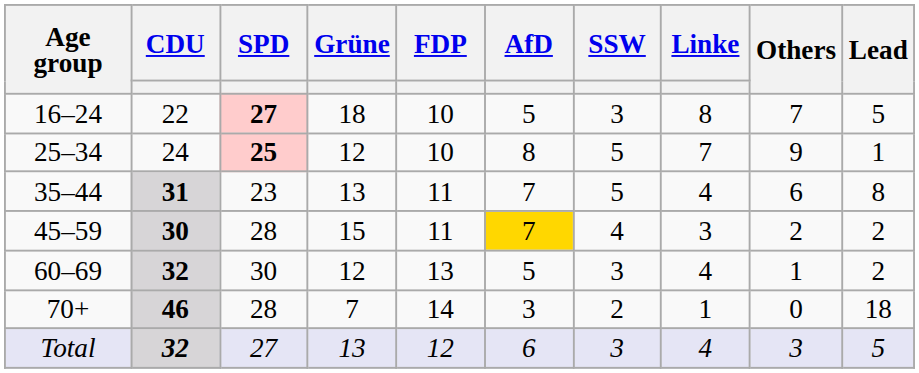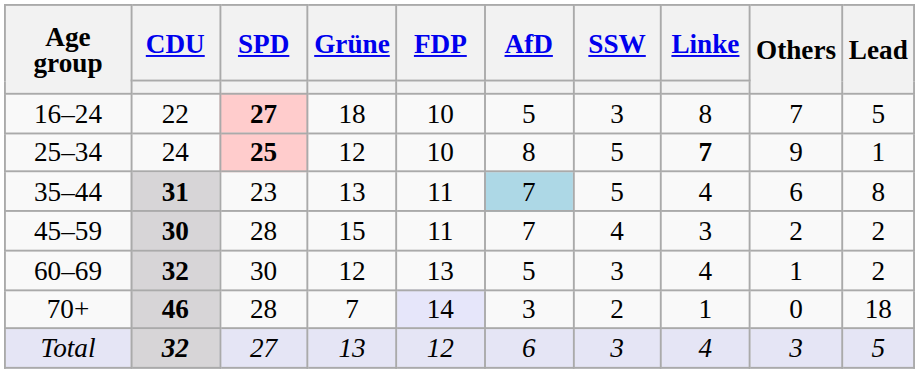 <table class="wikitable sortable" style="text-align:center;font-size:90%;line-height:14px">
 <tr style="height:40px;">
 <th class="wikitable sortable" style="width:60px;" rowspan="2">Age group</th>
 <th class="wikitable sortable" style="width:40px;"><a href='#'>CDU</a></th>
 <th class="wikitable sortable" style="width:40px;"><a href='#'>SPD</a></th>
 <th class="wikitable sortable" style="width:40px;"><a href='#'>Grüne</a></th>
 <th class="wikitable sortable" style="width:40px;"><a href='#'>FDP</a></th>
 <th class="wikitable sortable" style="width:40px;"><a href='#'>AfD</a></th>
 <th class="wikitable sortable" style="width:40px;"><a href='#'>SSW</a></th>
 <th class="wikitable sortable" style="width:40px;"><a href='#'>Linke</a></th>
 <th class="wikitable sortable" style="width:40px;" rowspan="2">Others</th>
 <th style="width:30px;" rowspan="2">Lead</th>
 </tr>
 <tr>
 <th style="background:"></th>
 <th style="background:"></th>
 <th style="background:"></th>
 <th style="background:"></th>
 <th style="background:"></th>
 <th style="background:"></th>
 <th style="background:"></th>
 </tr>
 <tr>
 <td align="center">16–24</td>
 <td>22</td>
 <td style="background:#FFCCCC"><strong>27</strong></td>
 <td>18</td>
 <td>10</td>
 <td>5</td>
 <td>3</td>
 <td>8</td>
 <td>7</td>
 <td style="background:">5</td>
 </tr>
 <tr>
 <td align="center">25–34</td>
 <td>24</td>
 <td style="background:#FFCCCC"><strong>25</strong></td>
 <td>12</td>
 <td>10</td>
 <td>8</td>
 <td>5</td>
-<td>7</td>
+<td><strong>7</strong></td>
 <td>9</td>
 <td style="background:">1</td>
 </tr>
 <tr>
 <td align="center">35–44</td>
 <td style="background:#D7D5D7"><strong>31</strong></td>
 <td>23</td>
 <td>13</td>
 <td>11</td>
-<td>7</td>
+<td style="background: lightblue;">7</td>
 <td>5</td>
 <td>4</td>
 <td>6</td>
 <td style="background:">8</td>
 </tr>
 <tr>
 <td align="center">45–59</td>
 <td style="background:#D7D5D7"><strong>30</strong></td>
 <td>28</td>
 <td>15</td>
 <td>11</td>
-<td style="background: gold;">7</td>
+<td>7</td>
 <td>4</td>
 <td>3</td>
 <td>2</td>
 <td style="background:">2</td>
 </tr>
 <tr>
 <td align="center">60–69</td>
 <td style="background:#D7D5D7"><strong>32</strong></td>
 <td>30</td>
 <td>12</td>
 <td>13</td>
 <td>5</td>
 <td>3</td>
 <td>4</td>
 <td>1</td>
 <td style="background:">2</td>
 </tr>
 <tr>
 <td align="center">70+</td>
 <td style="background:#D7D5D7"><strong>46</strong></td>
 <td>28</td>
 <td>7</td>
-<td>14</td>
+<td style="background: lavender;">14</td>
 <td>3</td>
 <td>2</td>
 <td>1</td>
 <td>0</td>
 <td style="background:">18</td>
 </tr>
 <tr style="background:#E5E5F5;font-style:italic;">
 <td align="center">Total</td>
 <td style="background:#D7D5D7"><strong>32</strong></td>
 <td>27</td>
 <td>13</td>
 <td>12</td>
 <td>6</td>
 <td>3</td>
 <td>4</td>
 <td>3</td>
 <td style="background:">5</td>
 </tr>
 </table>
